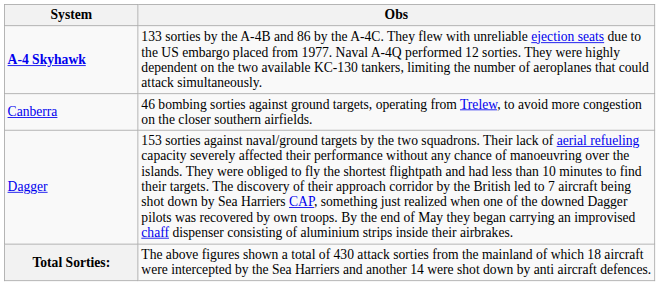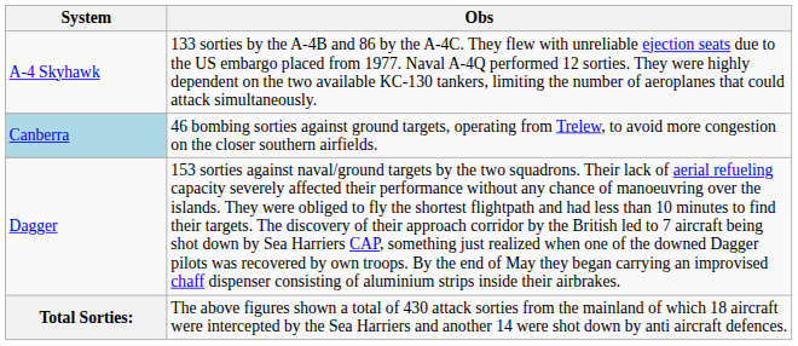 <table class="wikitable">
 <tr>
 <th style="width:150px;">System</th>
 <th style="width:600px;">Obs</th>
 </tr>
 <tr>
-<td><strong><a href='#'>A-4 Skyhawk</a></strong></td>
+<td><a href='#'>A-4 Skyhawk</a></td>
 <td>133 sorties by the A-4B and 86 by the A-4C. They flew with unreliable <a href='#'>ejection seats</a> due to the US embargo placed from 1977. Naval A-4Q performed 12 sorties. They were highly dependent on the two available KC-130 tankers, limiting the number of aeroplanes that could attack simultaneously.</td>
 </tr>
 <tr>
-<td><a href='#'>Canberra</a></td>
+<td style="background: lightblue;"><a href='#'>Canberra</a></td>
 <td>46 bombing sorties against ground targets, operating from <a href='#'>Trelew</a>, to avoid more congestion on the closer southern airfields.</td>
 </tr>
 <tr>
 <td><a href='#'>Dagger</a></td>
 <td>153 sorties against naval/ground targets by the two squadrons. Their lack of <a href='#'>aerial refueling</a> capacity severely affected their performance without any chance of manoeuvring over the islands. They were obliged to fly the shortest flightpath and had less than 10 minutes to find their targets. The discovery of their approach corridor by the British led to 7 aircraft being shot down by Sea Harriers <a href='#'>CAP</a>, something just realized when one of the downed Dagger pilots was recovered by own troops. By the end of May they began carrying an improvised <a href='#'>chaff</a> dispenser consisting of aluminium strips inside their airbrakes.</td>
 </tr>
 <tr>
 <th>Total Sorties:</th>
 <td>The above figures shown a total of 430 attack sorties from the mainland of which 18 aircraft were intercepted by the Sea Harriers and another 14 were shot down by anti aircraft defences.</td>
 </tr>
 </table>
